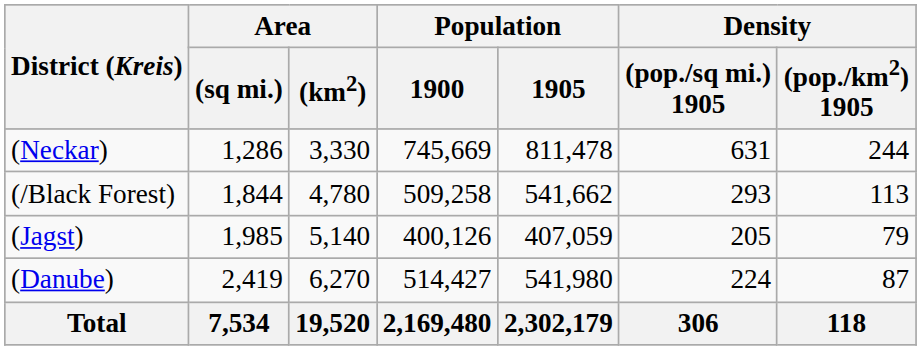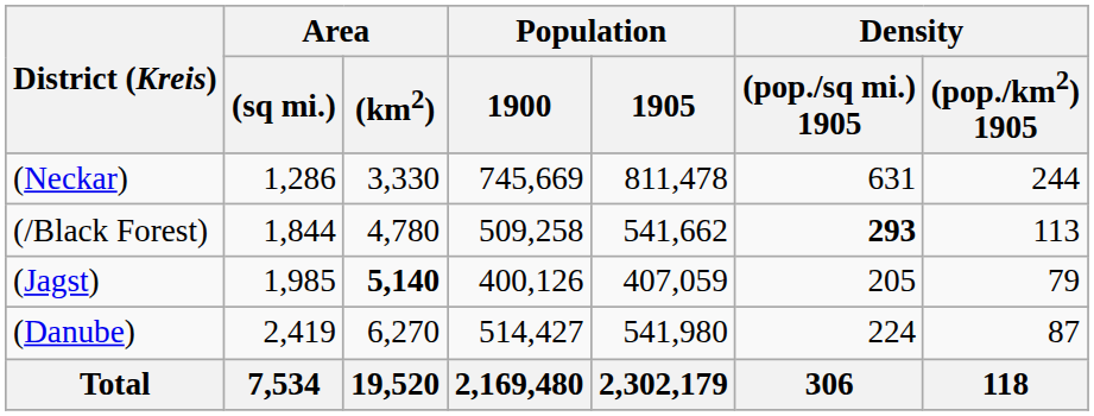 <table class="wikitable">
 <tr>
 <th rowspan=2>District (<em>Kreis</em>)</th>
 <th colspan=2>Area</th>
 <th colspan=2>Population</th>
 <th colspan=2>Density</th>
 </tr>
 <tr>
 <th>(sq mi.)</th>
 <th>(km<sup>2</sup>)</th>
 <th>1900</th>
 <th>1905</th>
 <th>(pop./sq mi.)<br>1905</th>
 <th>(pop./km<sup>2</sup>)<br>1905</th>
 </tr>
 <tr>
 <td> (<a href='#'>Neckar</a>)</td>
 <td align="right">1,286</td>
 <td align="right">3,330</td>
 <td align="right">745,669</td>
 <td align="right">811,478</td>
 <td align="right">631</td>
 <td align="right">244</td>
 </tr>
 <tr>
 <td> (<em></em>/Black Forest)</td>
 <td align="right">1,844</td>
 <td align="right">4,780</td>
 <td align="right">509,258</td>
 <td align="right">541,662</td>
-<td align="right">293</td>
+<td align="right"><strong>293</strong></td>
 <td align="right">113</td>
 </tr>
 <tr>
 <td> (<a href='#'>Jagst</a>)</td>
 <td align="right">1,985</td>
-<td align="right">5,140</td>
+<td align="right"><strong>5,140</strong></td>
 <td align="right">400,126</td>
 <td align="right">407,059</td>
 <td align="right">205</td>
 <td align="right">79</td>
 </tr>
 <tr>
 <td> (<a href='#'>Danube</a>)</td>
 <td align="right">2,419</td>
 <td align="right">6,270</td>
 <td align="right">514,427</td>
 <td align="right">541,980</td>
 <td align="right">224</td>
 <td align="right">87</td>
 </tr>
 <tr>
 <th>Total</th>
 <th align="right">7,534</th>
 <th align="right">19,520</th>
 <th align="right">2,169,480</th>
 <th align="right">2,302,179</th>
 <th align="right">306</th>
 <th align="right">118</th>
 </tr>
 </table>
